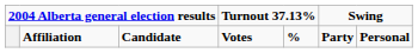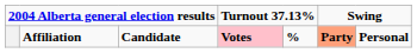 <table class="wikitable">
 <tr>
 <td colspan="3" align=center><strong><a href='#'>2004 Alberta general election</a> results</strong></td>
 <td colspan="2"><strong>Turnout 37.13%</strong></td>
 <td colspan="2" align=center><strong>Swing</strong></td>
 </tr>
 <tr>
 <th style="width: 10px;"></th>
 <td><strong>Affiliation</strong></td>
 <td><strong>Candidate</strong></td>
-<td><strong>Votes</strong></td>
+<td style="background: pink;"><strong>Votes</strong></td>
 <td><strong>%</strong></td>
-<td><strong>Party</strong></td>
+<td style="background: lightsalmon;"><strong>Party</strong></td>
 <td><strong>Personal</strong><br>       </td>
 </tr>
 </table>
